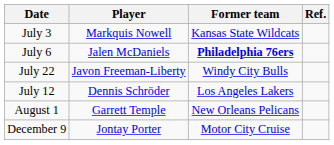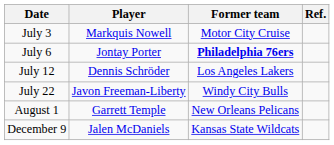 <table class="wikitable sortable sortable" style="text-align: center">
 <tr>
 <th>Date</th>
 <th>Player</th>
 <th>Former team</th>
 <th>Ref.</th>
 </tr>
 <tr>
 <td>July 3</td>
 <td><a href='#'>Markquis Nowell</a></td>
-<td><a href='#'>Kansas State Wildcats</a></td>
+<td><a href='#'>Motor City Cruise</a></td>
 <td></td>
 </tr>
 <tr>
 <td>July 6</td>
-<td><a href='#'>Jalen McDaniels</a></td>
+<td><a href='#'>Jontay Porter</a></td>
 <td><strong><a href='#'>Philadelphia 76ers</a></strong></td>
+<td></td>
+</tr>
+<tr>
+<td>July 12</td>
+<td><a href='#'>Dennis Schröder</a></td>
+<td><a href='#'>Los Angeles Lakers</a></td>
 <td></td>
 </tr>
 <tr>
 <td>July 22</td>
 <td><a href='#'>Javon Freeman-Liberty</a></td>
 <td><a href='#'>Windy City Bulls</a></td>
-<td></td>
-</tr>
-<tr>
-<td>July 12</td>
-<td><a href='#'>Dennis Schröder</a></td>
-<td><a href='#'>Los Angeles Lakers</a></td>
 <td></td>
 </tr>
 <tr>
 <td>August 1</td>
 <td><a href='#'>Garrett Temple</a></td>
 <td><a href='#'>New Orleans Pelicans</a></td>
 <td></td>
 </tr>
 <tr>
 <td>December 9</td>
-<td><a href='#'>Jontay Porter</a></td>
-<td><a href='#'>Motor City Cruise</a></td>
+<td><a href='#'>Jalen McDaniels</a></td>
+<td><a href='#'>Kansas State Wildcats</a></td>
 <td></td>
 </tr>
 </table>
